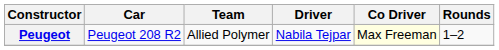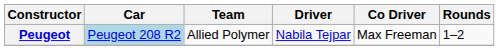 <table class=wikitable style="font-size: 85%">
 <tr>
 <th>Constructor</th>
 <th>Car</th>
 <th>Team</th>
 <th>Driver</th>
 <th>Co Driver</th>
 <th>Rounds</th>
 </tr>
 <tr>
 <th><a href='#'>Peugeot</a></th>
-<td><a href='#'>Peugeot 208 R2</a></td>
+<td style="background: lightblue;"><a href='#'>Peugeot 208 R2</a></td>
 <td> Allied Polymer</td>
 <td> <a href='#'>Nabila Tejpar</a></td>
-<td style="background: lightyellow;"> Max Freeman</td>
+<td> Max Freeman</td>
 <td>1–2</td>
 </tr>
 <tr>
 </tr>
 </table>
